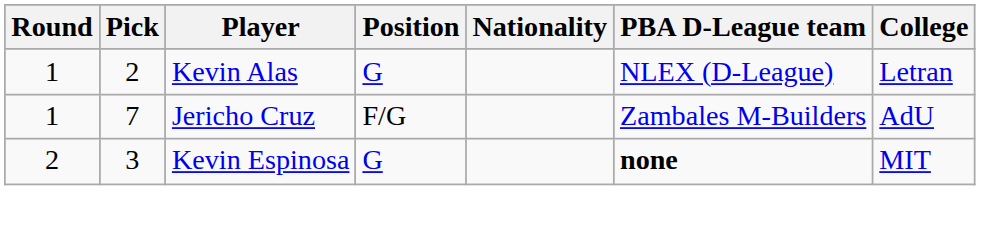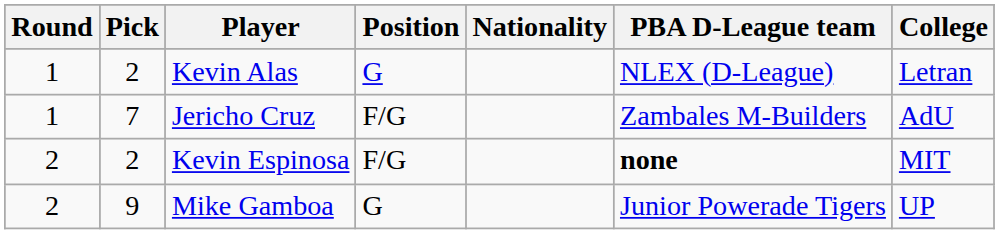 <table class="wikitable sortable sortable">
 <tr>
 <th>Round</th>
 <th>Pick</th>
 <th>Player</th>
 <th>Position</th>
 <th>Nationality</th>
 <th>PBA D-League team</th>
 <th>College</th>
 </tr>
 <tr>
 <td align=center>1</td>
 <td align=center>2</td>
 <td><a href='#'>Kevin Alas</a></td>
 <td><a href='#'>G</a></td>
 <td></td>
 <td><a href='#'>NLEX (D-League)</a></td>
 <td><a href='#'>Letran</a></td>
 </tr>
 <tr>
 <td align=center>1</td>
 <td align=center>7</td>
 <td><a href='#'>Jericho Cruz</a></td>
 <td>F/G</td>
 <td></td>
 <td><a href='#'>Zambales M-Builders</a></td>
 <td><a href='#'>AdU</a></td>
 </tr>
 <tr>
 <td align=center>2</td>
-<td align=center>3</td>
+<td align=center>2</td>
 <td><a href='#'>Kevin Espinosa</a></td>
-<td><a href='#'>G</a></td>
+<td>F/G</td>
 <td></td>
 <td><strong>none</strong></td>
 <td><a href='#'>MIT</a></td>
 </tr>
+<tr>
+<td align=center>2</td>
+<td align=center>9</td>
+<td><a href='#'>Mike Gamboa</a></td>
+<td>G</td>
+<td></td>
+<td><a href='#'>Junior Powerade Tigers</a></td>
+<td><a href='#'>UP</a></td>
+</tr>
 </table>
